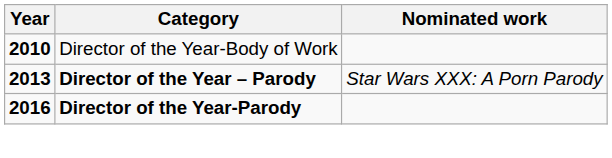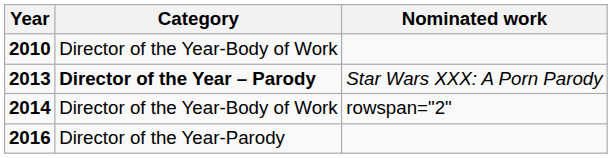 <table class="wikitable">
 <tr>
 <th>Year</th>
 <th>Category</th>
 <th>Nominated work</th>
 </tr>
 <tr>
 <td><strong>2010</strong></td>
 <td>Director of the Year-Body of Work</td>
 <td></td>
 </tr>
 <tr>
 <td><strong>2013</strong></td>
 <td><strong>Director of the Year – Parody</strong></td>
 <td><em>Star Wars XXX: A Porn Parody</em></td>
 </tr>
 <tr>
+<td><strong>2014</strong></td>
+<td>Director of the Year-Body of Work</td>
+<td>rowspan="2" </td>
+</tr>
+<tr>
 <td><strong>2016</strong></td>
-<td><strong>Director of the Year-Parody</strong></td>
+<td>Director of the Year-Parody</td>
 </tr>
 </table>
